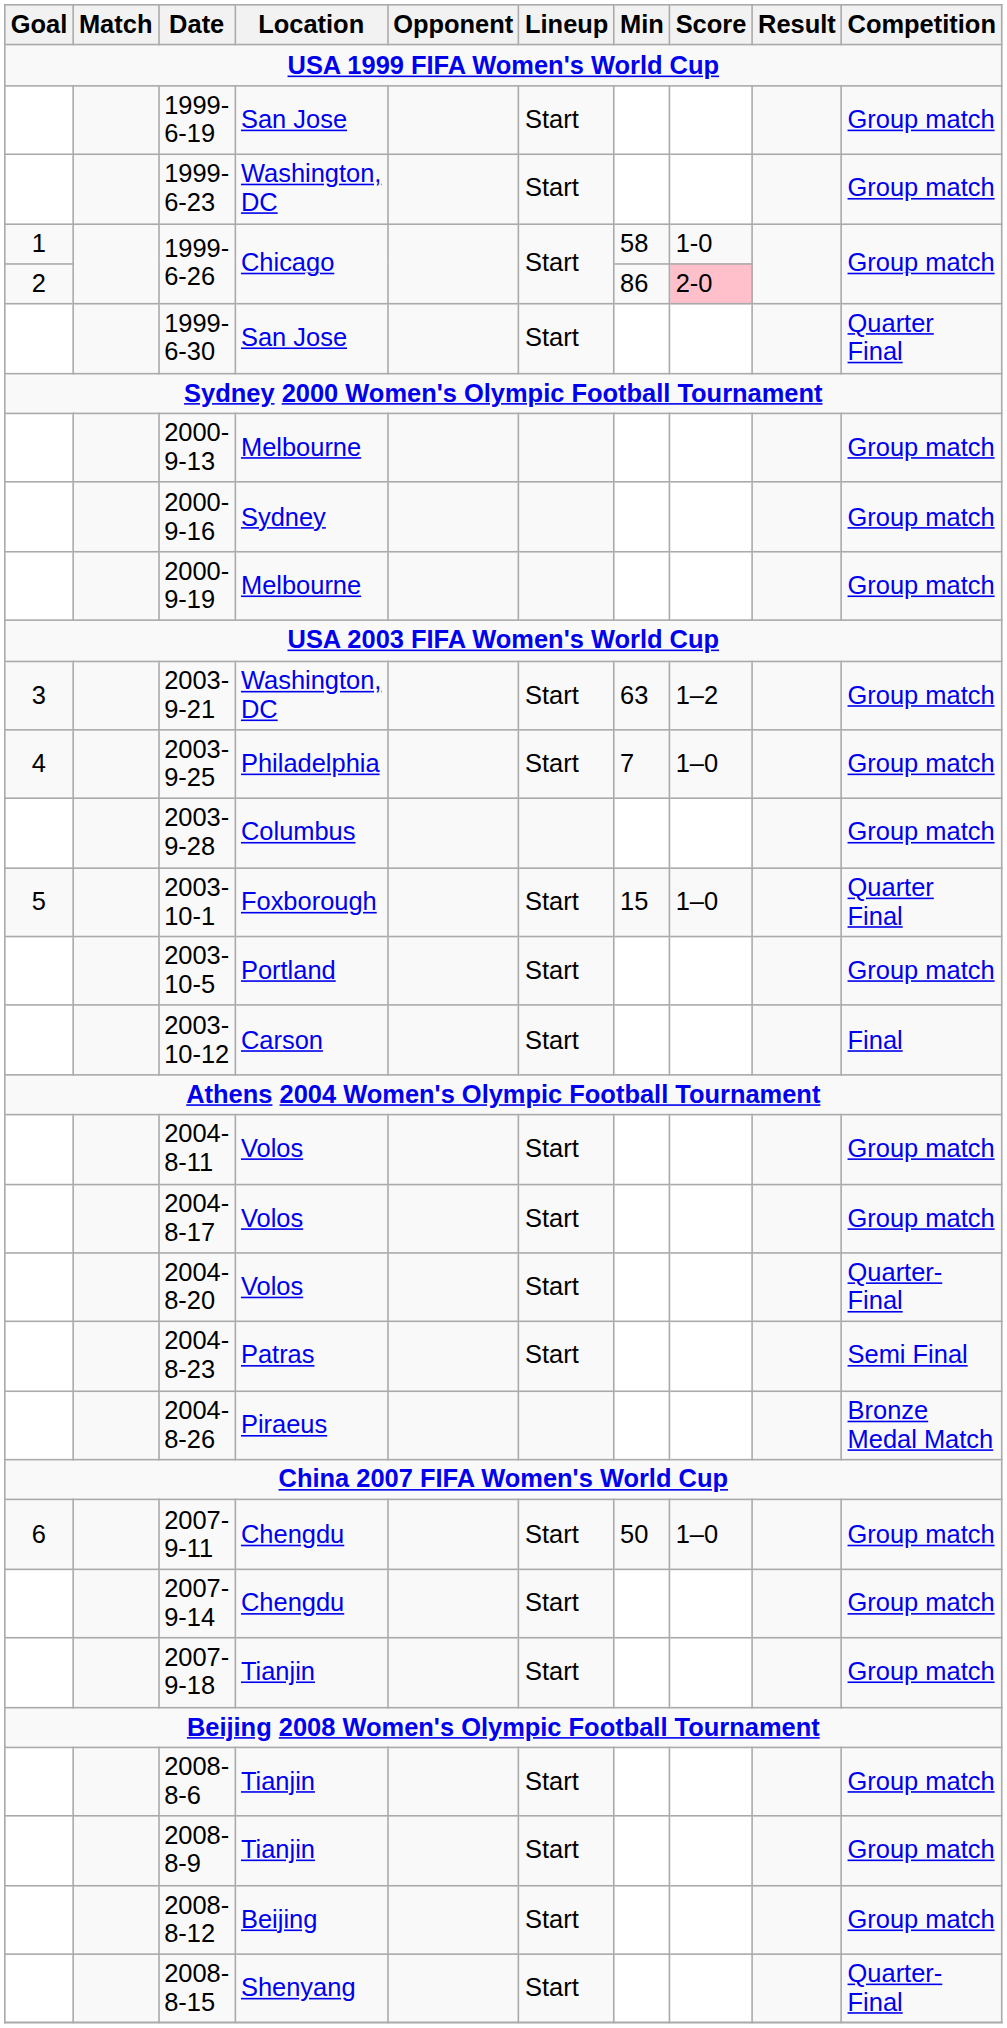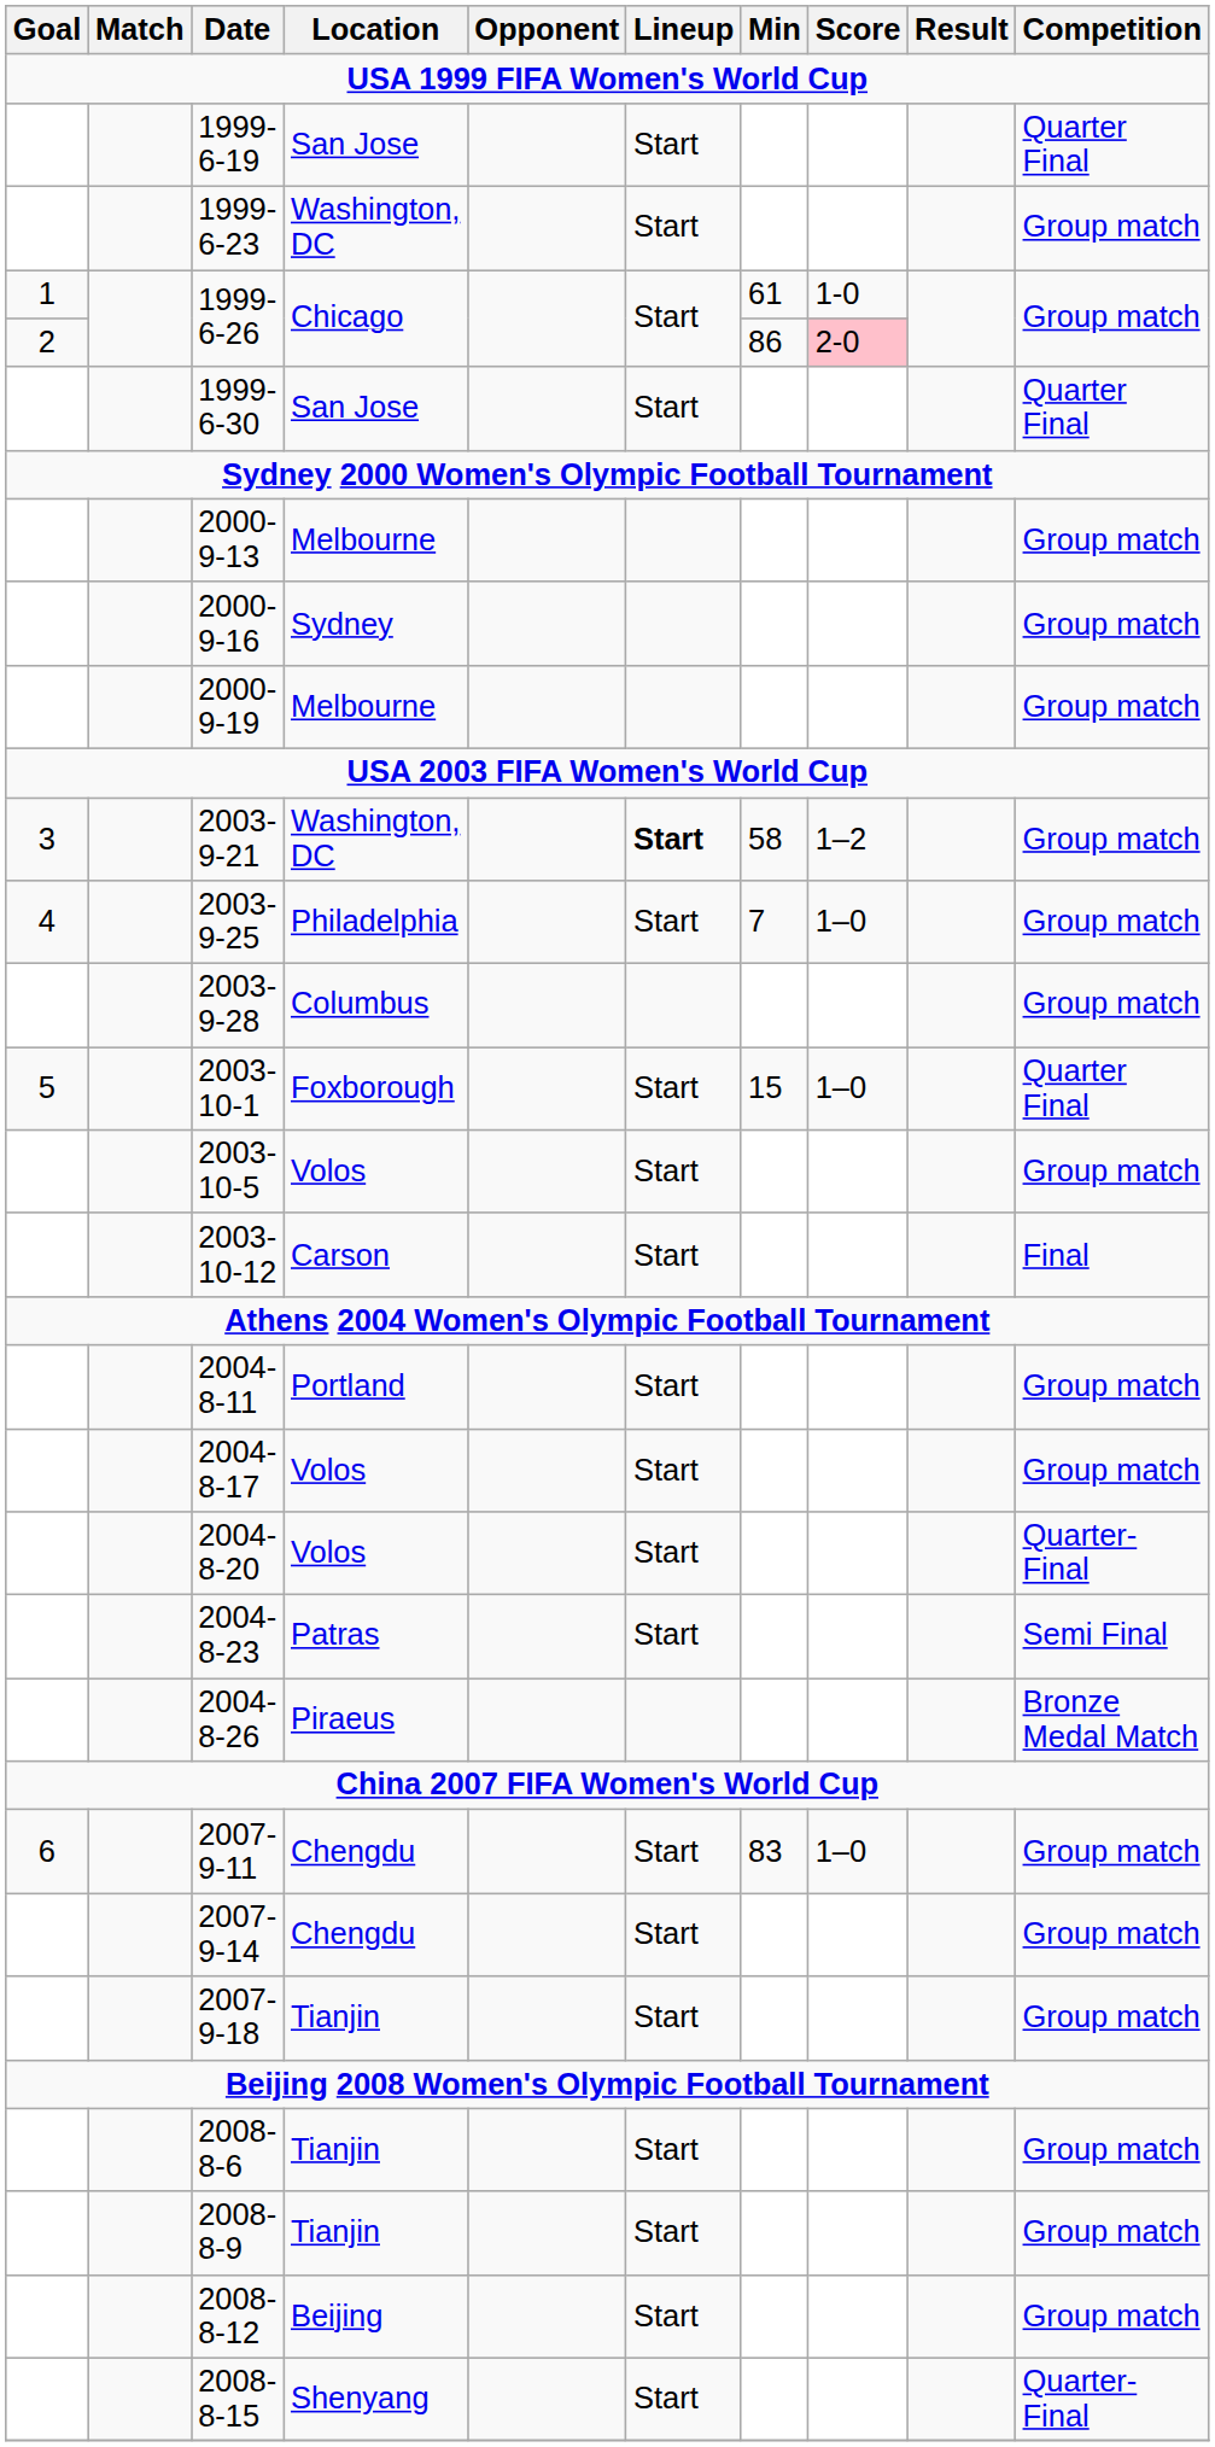 <table class="wikitable collapsible" style="fontsize:90%;">
 <tr>
 <th>Goal</th>
 <th>Match</th>
 <th>Date</th>
 <th>Location</th>
 <th>Opponent</th>
 <th>Lineup</th>
 <th>Min</th>
 <th>Score</th>
 <th>Result</th>
 <th>Competition</th>
 </tr>
 <tr>
 <td colspan=10 align=center > <strong><a href='#'>USA 1999 FIFA Women's World Cup</a></strong></td>
 </tr>
 <tr>
 <td style="background:white;"></td>
 <td></td>
 <td>1999-6-19</td>
 <td><a href='#'>San Jose</a></td>
 <td></td>
 <td>Start</td>
 <td style="background:white;"></td>
 <td style="background:white;"></td>
 <td></td>
-<td><a href='#'>Group match</a></td>
+<td><a href='#'>Quarter Final</a></td>
 </tr>
 <tr>
 <td style="background:white;"></td>
 <td></td>
 <td>1999-6-23</td>
 <td><a href='#'>Washington, DC</a></td>
 <td></td>
 <td>Start</td>
 <td style="background:white;"></td>
 <td style="background:white;"></td>
 <td></td>
 <td><a href='#'>Group match</a></td>
 </tr>
 <tr>
 <td align=center>1</td>
 <td align=center rowspan=2></td>
 <td rowspan=2>1999-6-26</td>
 <td rowspan=2><a href='#'>Chicago</a></td>
 <td rowspan=2></td>
 <td rowspan=2>Start</td>
-<td>58</td>
+<td>61</td>
 <td>1-0</td>
 <td rowspan=2></td>
 <td rowspan=2 ><a href='#'>Group match</a></td>
 </tr>
 <tr>
 <td align=center>2</td>
 <td>86</td>
 <td style="background: pink;">2-0</td>
 </tr>
 <tr>
 <td style="background:white;"></td>
 <td></td>
 <td>1999-6-30</td>
 <td><a href='#'>San Jose</a></td>
 <td></td>
 <td>Start</td>
 <td style="background:white;"></td>
 <td style="background:white;"></td>
 <td></td>
 <td><a href='#'>Quarter Final</a></td>
 </tr>
 <tr>
 <td colspan=10 align=center ><strong><a href='#'>Sydney</a> <a href='#'>2000 Women's Olympic Football Tournament</a></strong></td>
 </tr>
 <tr>
 <td style="background:white;"></td>
 <td></td>
 <td>2000-9-13</td>
 <td><a href='#'>Melbourne</a></td>
 <td></td>
 <td></td>
 <td style="background:white;"></td>
 <td style="background:white;"></td>
 <td></td>
 <td><a href='#'>Group match</a></td>
 </tr>
 <tr>
 <td style="background:white;"></td>
 <td></td>
 <td>2000-9-16</td>
 <td><a href='#'>Sydney</a></td>
 <td></td>
 <td></td>
 <td style="background:white;"></td>
 <td style="background:white;"></td>
 <td></td>
 <td><a href='#'>Group match</a></td>
 </tr>
 <tr>
 <td style="background:white;"></td>
 <td></td>
 <td>2000-9-19</td>
 <td><a href='#'>Melbourne</a></td>
 <td></td>
 <td></td>
 <td style="background:white;"></td>
 <td style="background:white;"></td>
 <td></td>
 <td><a href='#'>Group match</a></td>
 </tr>
 <tr>
 <td colspan=10 align=center > <strong><a href='#'>USA 2003 FIFA Women's World Cup</a></strong></td>
 </tr>
 <tr>
 <td align=center>3</td>
 <td></td>
 <td>2003-9-21</td>
 <td><a href='#'>Washington, DC</a></td>
 <td></td>
-<td>Start</td>
-<td>63</td>
+<td><strong>Start</strong></td>
+<td>58</td>
 <td>1–2</td>
 <td></td>
 <td><a href='#'>Group match</a></td>
 </tr>
 <tr>
 <td align=center>4</td>
 <td></td>
 <td>2003-9-25</td>
 <td><a href='#'>Philadelphia</a></td>
 <td></td>
 <td>Start</td>
 <td>7</td>
 <td>1–0</td>
 <td></td>
 <td><a href='#'>Group match</a></td>
 </tr>
 <tr>
 <td style="background:white;"></td>
 <td></td>
 <td>2003-9-28</td>
 <td><a href='#'>Columbus</a></td>
 <td></td>
 <td></td>
 <td style="background:white;"></td>
 <td style="background:white;"></td>
 <td></td>
 <td><a href='#'>Group match</a></td>
 </tr>
 <tr>
 <td align=center>5</td>
 <td></td>
 <td>2003-10-1</td>
 <td><a href='#'>Foxborough</a></td>
 <td></td>
 <td>Start</td>
 <td>15</td>
 <td>1–0</td>
 <td></td>
 <td><a href='#'>Quarter Final</a></td>
 </tr>
 <tr>
 <td style="background:white;"></td>
 <td></td>
 <td>2003-10-5</td>
-<td><a href='#'>Portland</a></td>
+<td><a href='#'>Volos</a></td>
 <td></td>
 <td>Start</td>
 <td style="background:white;"></td>
 <td style="background:white;"></td>
 <td></td>
 <td><a href='#'>Group match</a></td>
 </tr>
 <tr>
 <td style="background:white;"></td>
 <td></td>
 <td>2003-10-12</td>
 <td><a href='#'>Carson</a></td>
 <td></td>
 <td>Start</td>
 <td style="background:white;"></td>
 <td style="background:white;"></td>
 <td></td>
 <td><a href='#'>Final</a></td>
 </tr>
 <tr>
 <td colspan=10 align=center ><strong><a href='#'>Athens</a> <a href='#'>2004 Women's Olympic Football Tournament</a></strong></td>
 </tr>
 <tr>
 <td style="background:white;"></td>
 <td></td>
 <td>2004-8-11</td>
-<td><a href='#'>Volos</a></td>
+<td><a href='#'>Portland</a></td>
 <td></td>
 <td>Start</td>
 <td style="background:white;"></td>
 <td style="background:white;"></td>
 <td></td>
 <td><a href='#'>Group match</a></td>
 </tr>
 <tr>
 <td style="background:white;"></td>
 <td></td>
 <td>2004-8-17</td>
 <td><a href='#'>Volos</a></td>
 <td></td>
 <td>Start</td>
 <td style="background:white;"></td>
 <td style="background:white;"></td>
 <td></td>
 <td><a href='#'>Group match</a></td>
 </tr>
 <tr>
 <td style="background:white;"></td>
 <td></td>
 <td>2004-8-20</td>
 <td><a href='#'>Volos</a></td>
 <td></td>
 <td>Start</td>
 <td style="background:white;"></td>
 <td style="background:white;"></td>
 <td></td>
 <td><a href='#'>Quarter-Final</a></td>
 </tr>
 <tr>
 <td style="background:white;"></td>
 <td></td>
 <td>2004-8-23</td>
 <td><a href='#'>Patras</a></td>
 <td></td>
 <td>Start</td>
 <td style="background:white;"></td>
 <td style="background:white;"></td>
 <td></td>
 <td><a href='#'>Semi Final</a></td>
 </tr>
 <tr>
 <td style="background:white;"></td>
 <td></td>
 <td>2004-8-26</td>
 <td><a href='#'>Piraeus</a></td>
 <td></td>
 <td></td>
 <td style="background:white;"></td>
 <td style="background:white;"></td>
 <td></td>
 <td><a href='#'>Bronze Medal Match</a></td>
 </tr>
 <tr>
 <td colspan=10 align=center > <strong><a href='#'>China 2007 FIFA Women's World Cup</a></strong></td>
 </tr>
 <tr>
 <td align=center>6</td>
 <td></td>
 <td>2007-9-11</td>
 <td><a href='#'>Chengdu</a></td>
 <td></td>
 <td>Start</td>
-<td>50</td>
+<td>83</td>
 <td>1–0</td>
 <td></td>
 <td><a href='#'>Group match</a></td>
 </tr>
 <tr>
 <td style="background:white;"></td>
 <td></td>
 <td>2007-9-14</td>
 <td><a href='#'>Chengdu</a></td>
 <td></td>
 <td>Start</td>
 <td style="background:white;"></td>
 <td style="background:white;"></td>
 <td></td>
 <td><a href='#'>Group match</a></td>
 </tr>
 <tr>
 <td style="background:white;"></td>
 <td></td>
 <td>2007-9-18</td>
 <td><a href='#'>Tianjin</a></td>
 <td></td>
 <td>Start</td>
 <td style="background:white;"></td>
 <td style="background:white;"></td>
 <td></td>
 <td><a href='#'>Group match</a></td>
 </tr>
 <tr>
 <td colspan=10 align=center ><strong><a href='#'>Beijing</a> <a href='#'>2008 Women's Olympic Football Tournament</a></strong></td>
 </tr>
 <tr>
 <td style="background:white;"></td>
 <td></td>
 <td>2008-8-6</td>
 <td><a href='#'>Tianjin</a></td>
 <td></td>
 <td>Start</td>
 <td style="background:white;"></td>
 <td style="background:white;"></td>
 <td></td>
 <td><a href='#'>Group match</a></td>
 </tr>
 <tr>
 <td style="background:white;"></td>
 <td></td>
 <td>2008-8-9</td>
 <td><a href='#'>Tianjin</a></td>
 <td></td>
 <td>Start</td>
 <td style="background:white;"></td>
 <td style="background:white;"></td>
 <td></td>
 <td><a href='#'>Group match</a></td>
 </tr>
 <tr>
 <td style="background:white;"></td>
 <td></td>
 <td>2008-8-12</td>
 <td><a href='#'>Beijing</a></td>
 <td></td>
 <td>Start</td>
 <td style="background:white;"></td>
 <td style="background:white;"></td>
 <td></td>
 <td><a href='#'>Group match</a></td>
 </tr>
 <tr>
 <td style="background:white;"></td>
 <td></td>
 <td>2008-8-15</td>
 <td><a href='#'>Shenyang</a></td>
 <td></td>
 <td>Start</td>
 <td style="background:white;"></td>
 <td style="background:white;"></td>
 <td></td>
 <td><a href='#'>Quarter-Final</a></td>
 </tr>
 <tr>
 </tr>
 </table>
